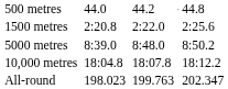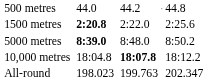 <table>
 <tr valign="top">
 <td>500 metres<br></td>
 <td></td>
 <td>44.0</td>
 <td></td>
 <td>44.2</td>
 <td><hr></td>
 <td>44.8</td>
 </tr>
 <tr valign="top">
 <td>1500 metres<br></td>
 <td></td>
-<td>2:20.8</td>
+<td><strong>2:20.8</strong></td>
 <td></td>
 <td>2:22.0</td>
 <td></td>
 <td>2:25.6</td>
 </tr>
 <tr valign="top">
 <td>5000 metres<br></td>
 <td></td>
-<td>8:39.0</td>
+<td><strong>8:39.0</strong></td>
 <td></td>
 <td>8:48.0</td>
 <td></td>
 <td>8:50.2</td>
 </tr>
 <tr valign="top">
 <td>10,000 metres<br></td>
 <td></td>
 <td>18:04.8</td>
 <td></td>
-<td>18:07.8</td>
+<td><strong>18:07.8</strong></td>
 <td></td>
 <td>18:12.2</td>
 </tr>
 <tr valign="top">
 <td>All-round<br></td>
 <td></td>
 <td>198.023</td>
 <td></td>
 <td>199.763</td>
 <td></td>
 <td>202.347</td>
 </tr>
 </table>
